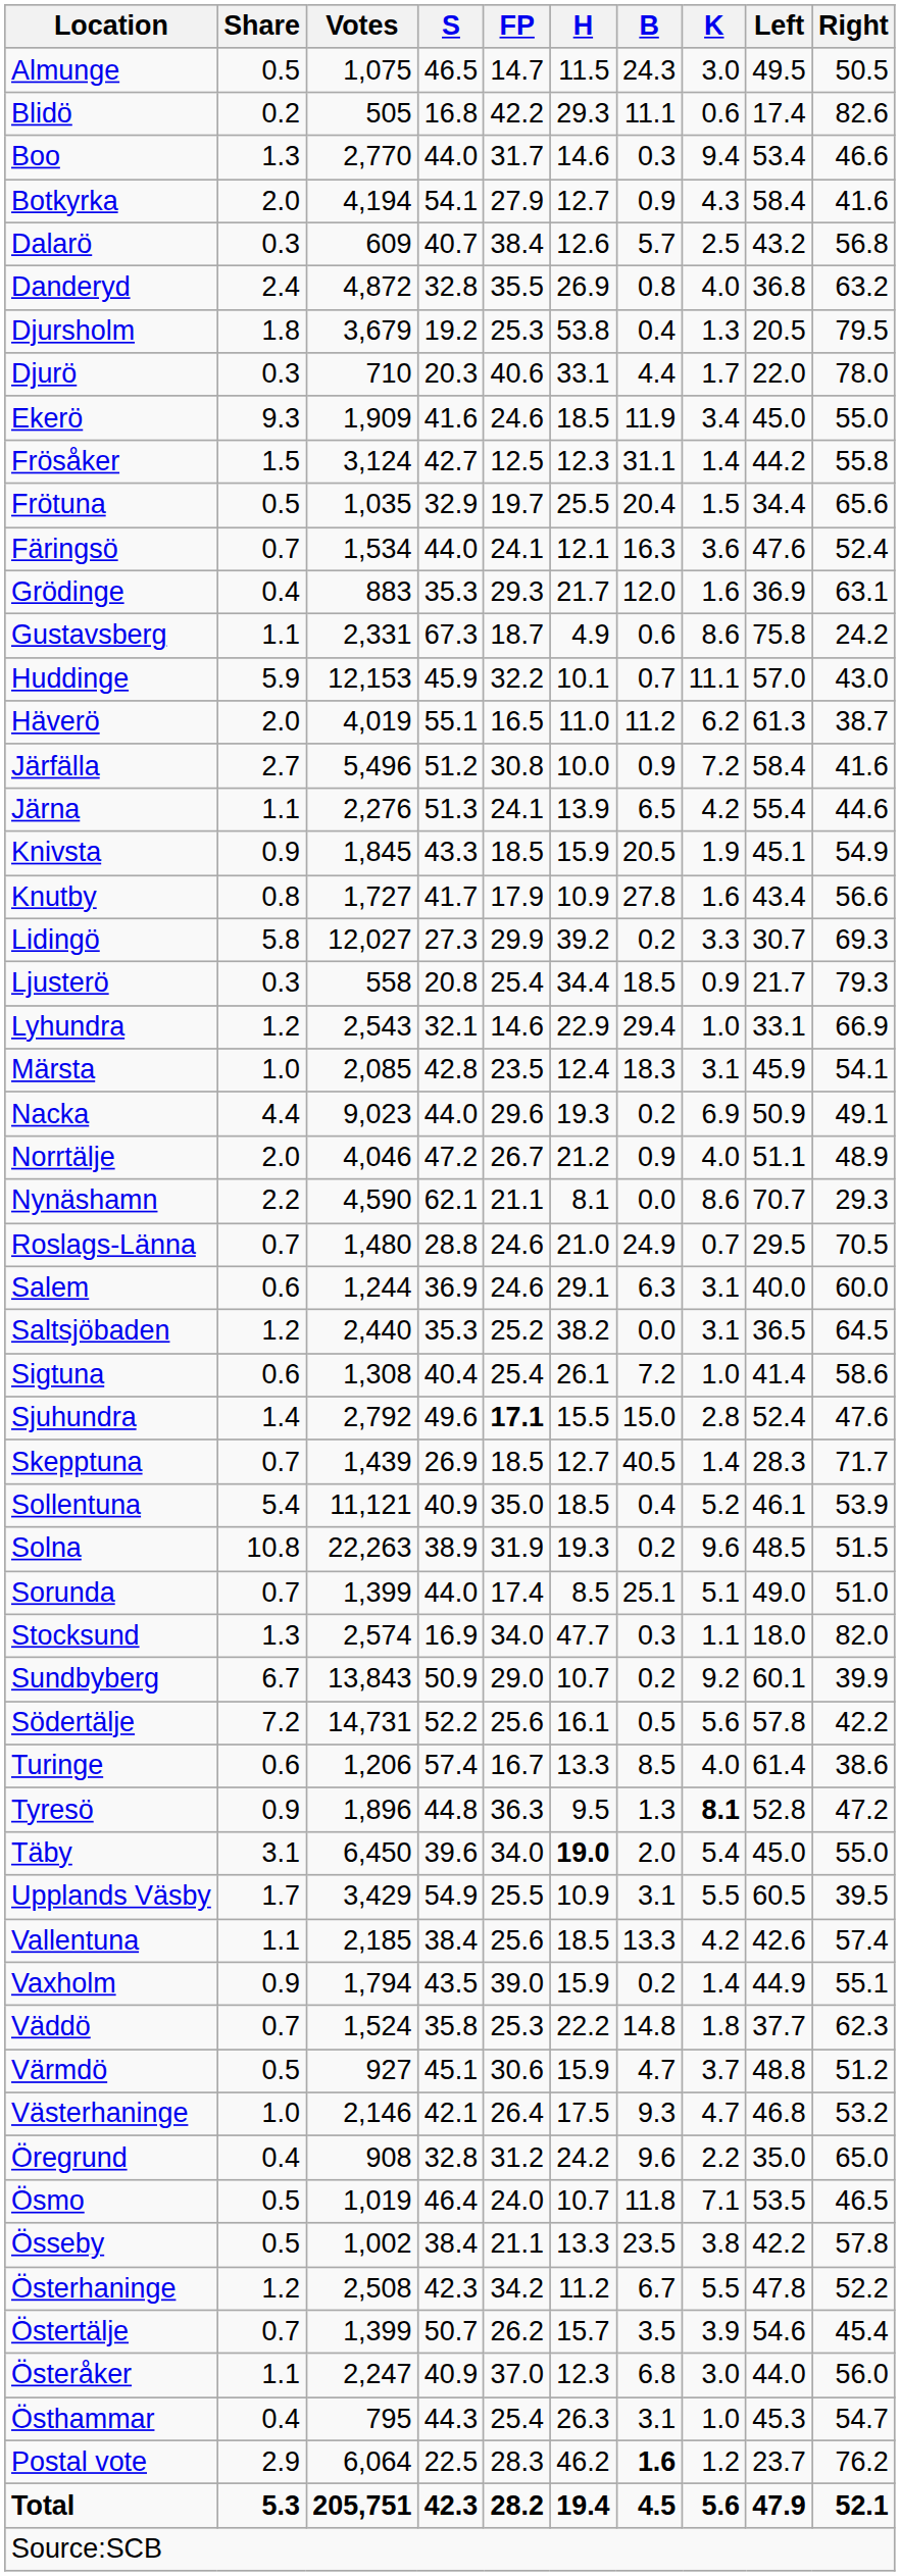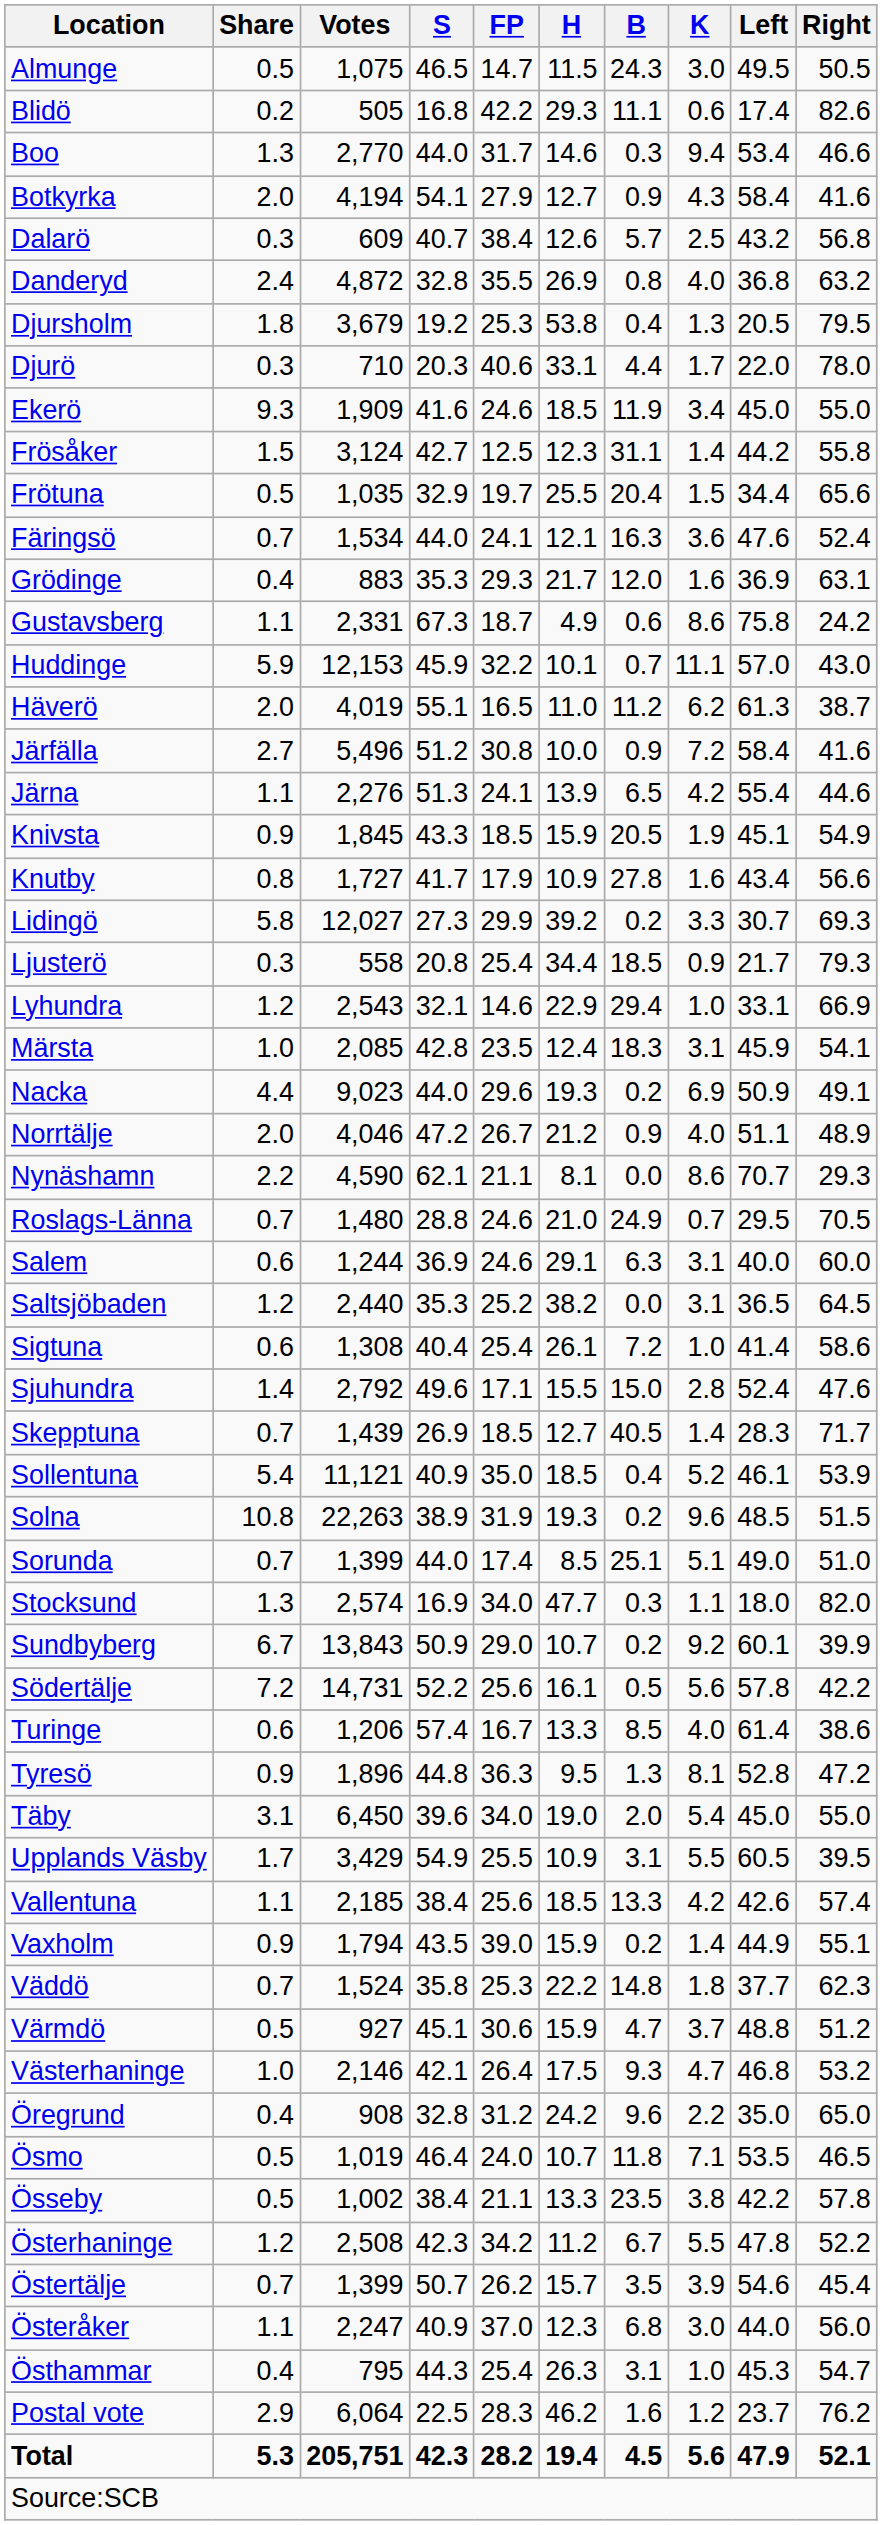 <table class="wikitable sortable" style=text-align:right>
 <tr>
 <th>Location</th>
 <th>Share</th>
 <th>Votes</th>
 <th><a href='#'>S</a></th>
 <th><a href='#'>FP</a></th>
 <th><a href='#'>H</a></th>
 <th><a href='#'>B</a></th>
 <th><a href='#'>K</a></th>
 <th>Left</th>
 <th>Right</th>
 </tr>
 <tr>
 <td align=left><a href='#'>Almunge</a></td>
 <td>0.5</td>
 <td>1,075</td>
 <td>46.5</td>
 <td>14.7</td>
 <td>11.5</td>
 <td>24.3</td>
 <td>3.0</td>
 <td>49.5</td>
 <td>50.5</td>
 </tr>
 <tr>
 <td align=left><a href='#'>Blidö</a></td>
 <td>0.2</td>
 <td>505</td>
 <td>16.8</td>
 <td>42.2</td>
 <td>29.3</td>
 <td>11.1</td>
 <td>0.6</td>
 <td>17.4</td>
 <td>82.6</td>
 </tr>
 <tr>
 <td align=left><a href='#'>Boo</a></td>
 <td>1.3</td>
 <td>2,770</td>
 <td>44.0</td>
 <td>31.7</td>
 <td>14.6</td>
 <td>0.3</td>
 <td>9.4</td>
 <td>53.4</td>
 <td>46.6</td>
 </tr>
 <tr>
 <td align=left><a href='#'>Botkyrka</a></td>
 <td>2.0</td>
 <td>4,194</td>
 <td>54.1</td>
 <td>27.9</td>
 <td>12.7</td>
 <td>0.9</td>
 <td>4.3</td>
 <td>58.4</td>
 <td>41.6</td>
 </tr>
 <tr>
 <td align=left><a href='#'>Dalarö</a></td>
 <td>0.3</td>
 <td>609</td>
 <td>40.7</td>
 <td>38.4</td>
 <td>12.6</td>
 <td>5.7</td>
 <td>2.5</td>
 <td>43.2</td>
 <td>56.8</td>
 </tr>
 <tr>
 <td align=left><a href='#'>Danderyd</a></td>
 <td>2.4</td>
 <td>4,872</td>
 <td>32.8</td>
 <td>35.5</td>
 <td>26.9</td>
 <td>0.8</td>
 <td>4.0</td>
 <td>36.8</td>
 <td>63.2</td>
 </tr>
 <tr>
 <td align=left><a href='#'>Djursholm</a></td>
 <td>1.8</td>
 <td>3,679</td>
 <td>19.2</td>
 <td>25.3</td>
 <td>53.8</td>
 <td>0.4</td>
 <td>1.3</td>
 <td>20.5</td>
 <td>79.5</td>
 </tr>
 <tr>
 <td align=left><a href='#'>Djurö</a></td>
 <td>0.3</td>
 <td>710</td>
 <td>20.3</td>
 <td>40.6</td>
 <td>33.1</td>
 <td>4.4</td>
 <td>1.7</td>
 <td>22.0</td>
 <td>78.0</td>
 </tr>
 <tr>
 <td align=left><a href='#'>Ekerö</a></td>
 <td>9.3</td>
 <td>1,909</td>
 <td>41.6</td>
 <td>24.6</td>
 <td>18.5</td>
 <td>11.9</td>
 <td>3.4</td>
 <td>45.0</td>
 <td>55.0</td>
 </tr>
 <tr>
 <td align=left><a href='#'>Frösåker</a></td>
 <td>1.5</td>
 <td>3,124</td>
 <td>42.7</td>
 <td>12.5</td>
 <td>12.3</td>
 <td>31.1</td>
 <td>1.4</td>
 <td>44.2</td>
 <td>55.8</td>
 </tr>
 <tr>
 <td align=left><a href='#'>Frötuna</a></td>
 <td>0.5</td>
 <td>1,035</td>
 <td>32.9</td>
 <td>19.7</td>
 <td>25.5</td>
 <td>20.4</td>
 <td>1.5</td>
 <td>34.4</td>
 <td>65.6</td>
 </tr>
 <tr>
 <td align=left><a href='#'>Färingsö</a></td>
 <td>0.7</td>
 <td>1,534</td>
 <td>44.0</td>
 <td>24.1</td>
 <td>12.1</td>
 <td>16.3</td>
 <td>3.6</td>
 <td>47.6</td>
 <td>52.4</td>
 </tr>
 <tr>
 <td align=left><a href='#'>Grödinge</a></td>
 <td>0.4</td>
 <td>883</td>
 <td>35.3</td>
 <td>29.3</td>
 <td>21.7</td>
 <td>12.0</td>
 <td>1.6</td>
 <td>36.9</td>
 <td>63.1</td>
 </tr>
 <tr>
 <td align=left><a href='#'>Gustavsberg</a></td>
 <td>1.1</td>
 <td>2,331</td>
 <td>67.3</td>
 <td>18.7</td>
 <td>4.9</td>
 <td>0.6</td>
 <td>8.6</td>
 <td>75.8</td>
 <td>24.2</td>
 </tr>
 <tr>
 <td align=left><a href='#'>Huddinge</a></td>
 <td>5.9</td>
 <td>12,153</td>
 <td>45.9</td>
 <td>32.2</td>
 <td>10.1</td>
 <td>0.7</td>
 <td>11.1</td>
 <td>57.0</td>
 <td>43.0</td>
 </tr>
 <tr>
 <td align=left><a href='#'>Häverö</a></td>
 <td>2.0</td>
 <td>4,019</td>
 <td>55.1</td>
 <td>16.5</td>
 <td>11.0</td>
 <td>11.2</td>
 <td>6.2</td>
 <td>61.3</td>
 <td>38.7</td>
 </tr>
 <tr>
 <td align=left><a href='#'>Järfälla</a></td>
 <td>2.7</td>
 <td>5,496</td>
 <td>51.2</td>
 <td>30.8</td>
 <td>10.0</td>
 <td>0.9</td>
 <td>7.2</td>
 <td>58.4</td>
 <td>41.6</td>
 </tr>
 <tr>
 <td align=left><a href='#'>Järna</a></td>
 <td>1.1</td>
 <td>2,276</td>
 <td>51.3</td>
 <td>24.1</td>
 <td>13.9</td>
 <td>6.5</td>
 <td>4.2</td>
 <td>55.4</td>
 <td>44.6</td>
 </tr>
 <tr>
 <td align=left><a href='#'>Knivsta</a></td>
 <td>0.9</td>
 <td>1,845</td>
 <td>43.3</td>
 <td>18.5</td>
 <td>15.9</td>
 <td>20.5</td>
 <td>1.9</td>
 <td>45.1</td>
 <td>54.9</td>
 </tr>
 <tr>
 <td align=left><a href='#'>Knutby</a></td>
 <td>0.8</td>
 <td>1,727</td>
 <td>41.7</td>
 <td>17.9</td>
 <td>10.9</td>
 <td>27.8</td>
 <td>1.6</td>
 <td>43.4</td>
 <td>56.6</td>
 </tr>
 <tr>
 <td align=left><a href='#'>Lidingö</a></td>
 <td>5.8</td>
 <td>12,027</td>
 <td>27.3</td>
 <td>29.9</td>
 <td>39.2</td>
 <td>0.2</td>
 <td>3.3</td>
 <td>30.7</td>
 <td>69.3</td>
 </tr>
 <tr>
 <td align=left><a href='#'>Ljusterö</a></td>
 <td>0.3</td>
 <td>558</td>
 <td>20.8</td>
 <td>25.4</td>
 <td>34.4</td>
 <td>18.5</td>
 <td>0.9</td>
 <td>21.7</td>
 <td>79.3</td>
 </tr>
 <tr>
 <td align=left><a href='#'>Lyhundra</a></td>
 <td>1.2</td>
 <td>2,543</td>
 <td>32.1</td>
 <td>14.6</td>
 <td>22.9</td>
 <td>29.4</td>
 <td>1.0</td>
 <td>33.1</td>
 <td>66.9</td>
 </tr>
 <tr>
 <td align=left><a href='#'>Märsta</a></td>
 <td>1.0</td>
 <td>2,085</td>
 <td>42.8</td>
 <td>23.5</td>
 <td>12.4</td>
 <td>18.3</td>
 <td>3.1</td>
 <td>45.9</td>
 <td>54.1</td>
 </tr>
 <tr>
 <td align=left><a href='#'>Nacka</a></td>
 <td>4.4</td>
 <td>9,023</td>
 <td>44.0</td>
 <td>29.6</td>
 <td>19.3</td>
 <td>0.2</td>
 <td>6.9</td>
 <td>50.9</td>
 <td>49.1</td>
 </tr>
 <tr>
 <td align=left><a href='#'>Norrtälje</a></td>
 <td>2.0</td>
 <td>4,046</td>
 <td>47.2</td>
 <td>26.7</td>
 <td>21.2</td>
 <td>0.9</td>
 <td>4.0</td>
 <td>51.1</td>
 <td>48.9</td>
 </tr>
 <tr>
 <td align=left><a href='#'>Nynäshamn</a></td>
 <td>2.2</td>
 <td>4,590</td>
 <td>62.1</td>
 <td>21.1</td>
 <td>8.1</td>
 <td>0.0</td>
 <td>8.6</td>
 <td>70.7</td>
 <td>29.3</td>
 </tr>
 <tr>
 <td align=left><a href='#'>Roslags-Länna</a></td>
 <td>0.7</td>
 <td>1,480</td>
 <td>28.8</td>
 <td>24.6</td>
 <td>21.0</td>
 <td>24.9</td>
 <td>0.7</td>
 <td>29.5</td>
 <td>70.5</td>
 </tr>
 <tr>
 <td align=left><a href='#'>Salem</a></td>
 <td>0.6</td>
 <td>1,244</td>
 <td>36.9</td>
 <td>24.6</td>
 <td>29.1</td>
 <td>6.3</td>
 <td>3.1</td>
 <td>40.0</td>
 <td>60.0</td>
 </tr>
 <tr>
 <td align=left><a href='#'>Saltsjöbaden</a></td>
 <td>1.2</td>
 <td>2,440</td>
 <td>35.3</td>
 <td>25.2</td>
 <td>38.2</td>
 <td>0.0</td>
 <td>3.1</td>
 <td>36.5</td>
 <td>64.5</td>
 </tr>
 <tr>
 <td align=left><a href='#'>Sigtuna</a></td>
 <td>0.6</td>
 <td>1,308</td>
 <td>40.4</td>
 <td>25.4</td>
 <td>26.1</td>
 <td>7.2</td>
 <td>1.0</td>
 <td>41.4</td>
 <td>58.6</td>
 </tr>
 <tr>
 <td align=left><a href='#'>Sjuhundra</a></td>
 <td>1.4</td>
 <td>2,792</td>
 <td>49.6</td>
-<td><strong>17.1</strong></td>
+<td>17.1</td>
 <td>15.5</td>
 <td>15.0</td>
 <td>2.8</td>
 <td>52.4</td>
 <td>47.6</td>
 </tr>
 <tr>
 <td align=left><a href='#'>Skepptuna</a></td>
 <td>0.7</td>
 <td>1,439</td>
 <td>26.9</td>
 <td>18.5</td>
 <td>12.7</td>
 <td>40.5</td>
 <td>1.4</td>
 <td>28.3</td>
 <td>71.7</td>
 </tr>
 <tr>
 <td align=left><a href='#'>Sollentuna</a></td>
 <td>5.4</td>
 <td>11,121</td>
 <td>40.9</td>
 <td>35.0</td>
 <td>18.5</td>
 <td>0.4</td>
 <td>5.2</td>
 <td>46.1</td>
 <td>53.9</td>
 </tr>
 <tr>
 <td align=left><a href='#'>Solna</a></td>
 <td>10.8</td>
 <td>22,263</td>
 <td>38.9</td>
 <td>31.9</td>
 <td>19.3</td>
 <td>0.2</td>
 <td>9.6</td>
 <td>48.5</td>
 <td>51.5</td>
 </tr>
 <tr>
 <td align=left><a href='#'>Sorunda</a></td>
 <td>0.7</td>
 <td>1,399</td>
 <td>44.0</td>
 <td>17.4</td>
 <td>8.5</td>
 <td>25.1</td>
 <td>5.1</td>
 <td>49.0</td>
 <td>51.0</td>
 </tr>
 <tr>
 <td align=left><a href='#'>Stocksund</a></td>
 <td>1.3</td>
 <td>2,574</td>
 <td>16.9</td>
 <td>34.0</td>
 <td>47.7</td>
 <td>0.3</td>
 <td>1.1</td>
 <td>18.0</td>
 <td>82.0</td>
 </tr>
 <tr>
 <td align=left><a href='#'>Sundbyberg</a></td>
 <td>6.7</td>
 <td>13,843</td>
 <td>50.9</td>
 <td>29.0</td>
 <td>10.7</td>
 <td>0.2</td>
 <td>9.2</td>
 <td>60.1</td>
 <td>39.9</td>
 </tr>
 <tr>
 <td align=left><a href='#'>Södertälje</a></td>
 <td>7.2</td>
 <td>14,731</td>
 <td>52.2</td>
 <td>25.6</td>
 <td>16.1</td>
 <td>0.5</td>
 <td>5.6</td>
 <td>57.8</td>
 <td>42.2</td>
 </tr>
 <tr>
 <td align=left><a href='#'>Turinge</a></td>
 <td>0.6</td>
 <td>1,206</td>
 <td>57.4</td>
 <td>16.7</td>
 <td>13.3</td>
 <td>8.5</td>
 <td>4.0</td>
 <td>61.4</td>
 <td>38.6</td>
 </tr>
 <tr>
 <td align=left><a href='#'>Tyresö</a></td>
 <td>0.9</td>
 <td>1,896</td>
 <td>44.8</td>
 <td>36.3</td>
 <td>9.5</td>
 <td>1.3</td>
-<td><strong>8.1</strong></td>
+<td>8.1</td>
 <td>52.8</td>
 <td>47.2</td>
 </tr>
 <tr>
 <td align=left><a href='#'>Täby</a></td>
 <td>3.1</td>
 <td>6,450</td>
 <td>39.6</td>
 <td>34.0</td>
-<td><strong>19.0</strong></td>
+<td>19.0</td>
 <td>2.0</td>
 <td>5.4</td>
 <td>45.0</td>
 <td>55.0</td>
 </tr>
 <tr>
 <td align=left><a href='#'>Upplands Väsby</a></td>
 <td>1.7</td>
 <td>3,429</td>
 <td>54.9</td>
 <td>25.5</td>
 <td>10.9</td>
 <td>3.1</td>
 <td>5.5</td>
 <td>60.5</td>
 <td>39.5</td>
 </tr>
 <tr>
 <td align=left><a href='#'>Vallentuna</a></td>
 <td>1.1</td>
 <td>2,185</td>
 <td>38.4</td>
 <td>25.6</td>
 <td>18.5</td>
 <td>13.3</td>
 <td>4.2</td>
 <td>42.6</td>
 <td>57.4</td>
 </tr>
 <tr>
 <td align=left><a href='#'>Vaxholm</a></td>
 <td>0.9</td>
 <td>1,794</td>
 <td>43.5</td>
 <td>39.0</td>
 <td>15.9</td>
 <td>0.2</td>
 <td>1.4</td>
 <td>44.9</td>
 <td>55.1</td>
 </tr>
 <tr>
 <td align=left><a href='#'>Väddö</a></td>
 <td>0.7</td>
 <td>1,524</td>
 <td>35.8</td>
 <td>25.3</td>
 <td>22.2</td>
 <td>14.8</td>
 <td>1.8</td>
 <td>37.7</td>
 <td>62.3</td>
 </tr>
 <tr>
 <td align=left><a href='#'>Värmdö</a></td>
 <td>0.5</td>
 <td>927</td>
 <td>45.1</td>
 <td>30.6</td>
 <td>15.9</td>
 <td>4.7</td>
 <td>3.7</td>
 <td>48.8</td>
 <td>51.2</td>
 </tr>
 <tr>
 <td align=left><a href='#'>Västerhaninge</a></td>
 <td>1.0</td>
 <td>2,146</td>
 <td>42.1</td>
 <td>26.4</td>
 <td>17.5</td>
 <td>9.3</td>
 <td>4.7</td>
 <td>46.8</td>
 <td>53.2</td>
 </tr>
 <tr>
 <td align=left><a href='#'>Öregrund</a></td>
 <td>0.4</td>
 <td>908</td>
 <td>32.8</td>
 <td>31.2</td>
 <td>24.2</td>
 <td>9.6</td>
 <td>2.2</td>
 <td>35.0</td>
 <td>65.0</td>
 </tr>
 <tr>
 <td align=left><a href='#'>Ösmo</a></td>
 <td>0.5</td>
 <td>1,019</td>
 <td>46.4</td>
 <td>24.0</td>
 <td>10.7</td>
 <td>11.8</td>
 <td>7.1</td>
 <td>53.5</td>
 <td>46.5</td>
 </tr>
 <tr>
 <td align=left><a href='#'>Össeby</a></td>
 <td>0.5</td>
 <td>1,002</td>
 <td>38.4</td>
 <td>21.1</td>
 <td>13.3</td>
 <td>23.5</td>
 <td>3.8</td>
 <td>42.2</td>
 <td>57.8</td>
 </tr>
 <tr>
 <td align=left><a href='#'>Österhaninge</a></td>
 <td>1.2</td>
 <td>2,508</td>
 <td>42.3</td>
 <td>34.2</td>
 <td>11.2</td>
 <td>6.7</td>
 <td>5.5</td>
 <td>47.8</td>
 <td>52.2</td>
 </tr>
 <tr>
 <td align=left><a href='#'>Östertälje</a></td>
 <td>0.7</td>
 <td>1,399</td>
 <td>50.7</td>
 <td>26.2</td>
 <td>15.7</td>
 <td>3.5</td>
 <td>3.9</td>
 <td>54.6</td>
 <td>45.4</td>
 </tr>
 <tr>
 <td align=left><a href='#'>Österåker</a></td>
 <td>1.1</td>
 <td>2,247</td>
 <td>40.9</td>
 <td>37.0</td>
 <td>12.3</td>
 <td>6.8</td>
 <td>3.0</td>
 <td>44.0</td>
 <td>56.0</td>
 </tr>
 <tr>
 <td align=left><a href='#'>Östhammar</a></td>
 <td>0.4</td>
 <td>795</td>
 <td>44.3</td>
 <td>25.4</td>
 <td>26.3</td>
 <td>3.1</td>
 <td>1.0</td>
 <td>45.3</td>
 <td>54.7</td>
 </tr>
 <tr>
 <td align=left><a href='#'>Postal vote</a></td>
 <td>2.9</td>
 <td>6,064</td>
 <td>22.5</td>
 <td>28.3</td>
 <td>46.2</td>
-<td><strong>1.6</strong></td>
+<td>1.6</td>
 <td>1.2</td>
 <td>23.7</td>
 <td>76.2</td>
 </tr>
 <tr>
 <td align=left><strong>Total</strong></td>
 <td><strong>5.3</strong></td>
 <td><strong>205,751</strong></td>
 <td><strong>42.3</strong></td>
 <td><strong>28.2</strong></td>
 <td><strong>19.4</strong></td>
 <td><strong>4.5</strong></td>
 <td><strong>5.6</strong></td>
 <td><strong>47.9</strong></td>
 <td><strong>52.1</strong></td>
 </tr>
 <tr>
 <td align=left colspan=10>Source:SCB </td>
 </tr>
 </table>
